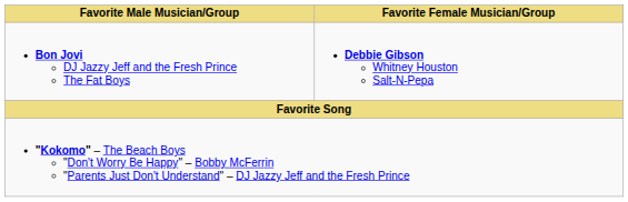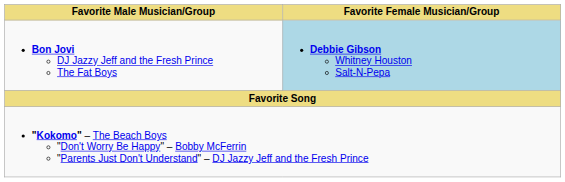 <table class="wikitable" style="width:100%">
 <tr>
 <th style="background:#EEDD82; width:50%">Favorite Male Musician/Group</th>
 <th style="background:#EEDD82; width:50%">Favorite Female Musician/Group</th>
 </tr>
 <tr>
 <td valign="top"><br><ul><li><strong><a href='#'>Bon Jovi</a></strong><ul><li><a href='#'>DJ Jazzy Jeff and the Fresh Prince</a></li><li><a href='#'>The Fat Boys</a></li></ul></li></ul></td>
-<td valign="top"><br><ul><li><strong><a href='#'>Debbie Gibson</a></strong><ul><li><a href='#'>Whitney Houston</a></li><li><a href='#'>Salt-N-Pepa</a></li></ul></li></ul></td>
+<td valign="top" style="background: lightblue;"><br><ul><li><strong><a href='#'>Debbie Gibson</a></strong><ul><li><a href='#'>Whitney Houston</a></li><li><a href='#'>Salt-N-Pepa</a></li></ul></li></ul></td>
 </tr>
 <tr>
 <th style="background:#EEDD82;" colspan="2">Favorite Song</th>
 </tr>
 <tr>
 <td colspan="2" valign="top"><br><ul><li><strong>"<a href='#'>Kokomo</a>"</strong> – <a href='#'>The Beach Boys</a><ul><li>"<a href='#'>Don't Worry Be Happy</a>" – <a href='#'>Bobby McFerrin</a></li><li>"<a href='#'>Parents Just Don't Understand</a>" – <a href='#'>DJ Jazzy Jeff and the Fresh Prince</a></li></ul></li></ul></td>
 </tr>
 </table>
